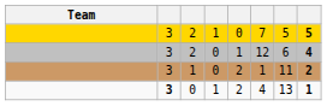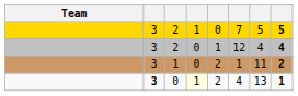 <table class="wikitable" style="text-align:center;">
 <tr>
 <th width=165>Team</th>
 <th width=20></th>
 <th width=20></th>
 <th width=20></th>
 <th width=20></th>
 <th width=20></th>
 <th width=20></th>
 <th width=20></th>
 </tr>
 <tr bgcolor=gold>
 <td align="left"></td>
 <td>3</td>
 <td>2</td>
 <td>1</td>
 <td>0</td>
 <td>7</td>
 <td>5</td>
 <td><strong>5</strong></td>
 </tr>
 <tr bgcolor=silver>
 <td align="left"></td>
 <td>3</td>
 <td>2</td>
 <td>0</td>
 <td>1</td>
 <td>12</td>
-<td>6</td>
+<td>4</td>
 <td><strong>4</strong></td>
 </tr>
 <tr bgcolor="#cc9966">
 <td align="left"></td>
 <td>3</td>
 <td>1</td>
 <td>0</td>
 <td>2</td>
 <td>1</td>
 <td>11</td>
 <td><strong>2</strong></td>
 </tr>
 <tr>
 <td align="left"></td>
 <td><strong>3</strong></td>
 <td>0</td>
-<td>1</td>
+<td style="background: lightyellow;">1</td>
 <td>2</td>
 <td>4</td>
 <td>13</td>
 <td><strong>1</strong></td>
 </tr>
 </table>
